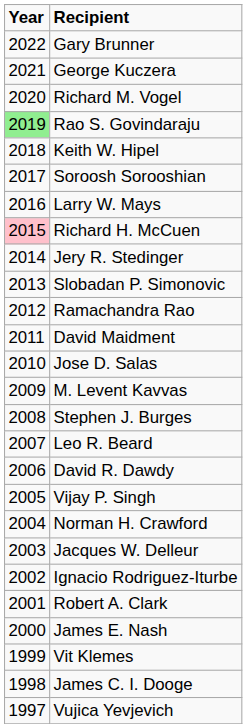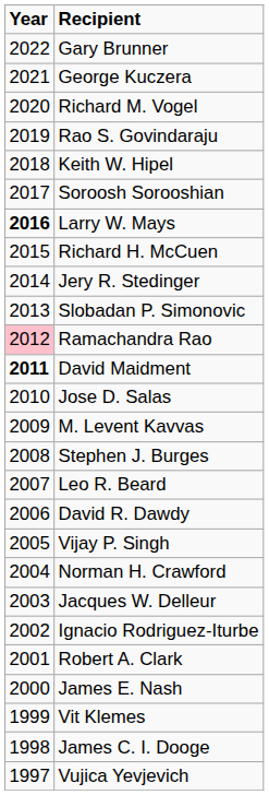 <table class="wikitable">
 <tr>
 <td><strong>Year</strong></td>
 <td><strong>Recipient</strong></td>
 </tr>
 <tr>
 <td>2022</td>
 <td>Gary Brunner</td>
 </tr>
 <tr>
 <td>2021</td>
 <td>George Kuczera</td>
 </tr>
 <tr>
 <td>2020</td>
 <td>Richard M. Vogel</td>
 </tr>
 <tr>
-<td style="background: lightgreen;">2019</td>
+<td>2019</td>
 <td>Rao S. Govindaraju</td>
 </tr>
 <tr>
 <td>2018</td>
 <td>Keith W. Hipel</td>
 </tr>
 <tr>
 <td>2017</td>
 <td>Soroosh Sorooshian</td>
 </tr>
 <tr>
-<td>2016</td>
+<td><strong>2016</strong></td>
 <td>Larry W. Mays</td>
 </tr>
 <tr>
-<td style="background: pink;">2015</td>
+<td>2015</td>
 <td>Richard H. McCuen</td>
 </tr>
 <tr>
 <td>2014</td>
 <td>Jery R. Stedinger</td>
 </tr>
 <tr>
 <td>2013</td>
 <td>Slobadan P. Simonovic</td>
 </tr>
 <tr>
-<td>2012</td>
+<td style="background: pink;">2012</td>
 <td>Ramachandra Rao</td>
 </tr>
 <tr>
-<td>2011</td>
+<td><strong>2011</strong></td>
 <td>David Maidment</td>
 </tr>
 <tr>
 <td>2010</td>
 <td>Jose D. Salas</td>
 </tr>
 <tr>
 <td>2009</td>
 <td>M. Levent Kavvas</td>
 </tr>
 <tr>
 <td>2008</td>
 <td>Stephen J. Burges</td>
 </tr>
 <tr>
 <td>2007</td>
 <td>Leo R. Beard</td>
 </tr>
 <tr>
 <td>2006</td>
 <td>David R. Dawdy</td>
 </tr>
 <tr>
 <td>2005</td>
 <td>Vijay P. Singh</td>
 </tr>
 <tr>
 <td>2004</td>
 <td>Norman H. Crawford</td>
 </tr>
 <tr>
 <td>2003</td>
 <td>Jacques W. Delleur</td>
 </tr>
 <tr>
 <td>2002</td>
 <td>Ignacio Rodriguez-Iturbe</td>
 </tr>
 <tr>
 <td>2001</td>
 <td>Robert A. Clark</td>
 </tr>
 <tr>
 <td>2000</td>
 <td>James E. Nash</td>
 </tr>
 <tr>
 <td>1999</td>
 <td>Vit Klemes</td>
 </tr>
 <tr>
 <td>1998</td>
 <td>James C. I. Dooge</td>
 </tr>
 <tr>
 <td>1997</td>
 <td>Vujica Yevjevich</td>
 </tr>
 </table>
